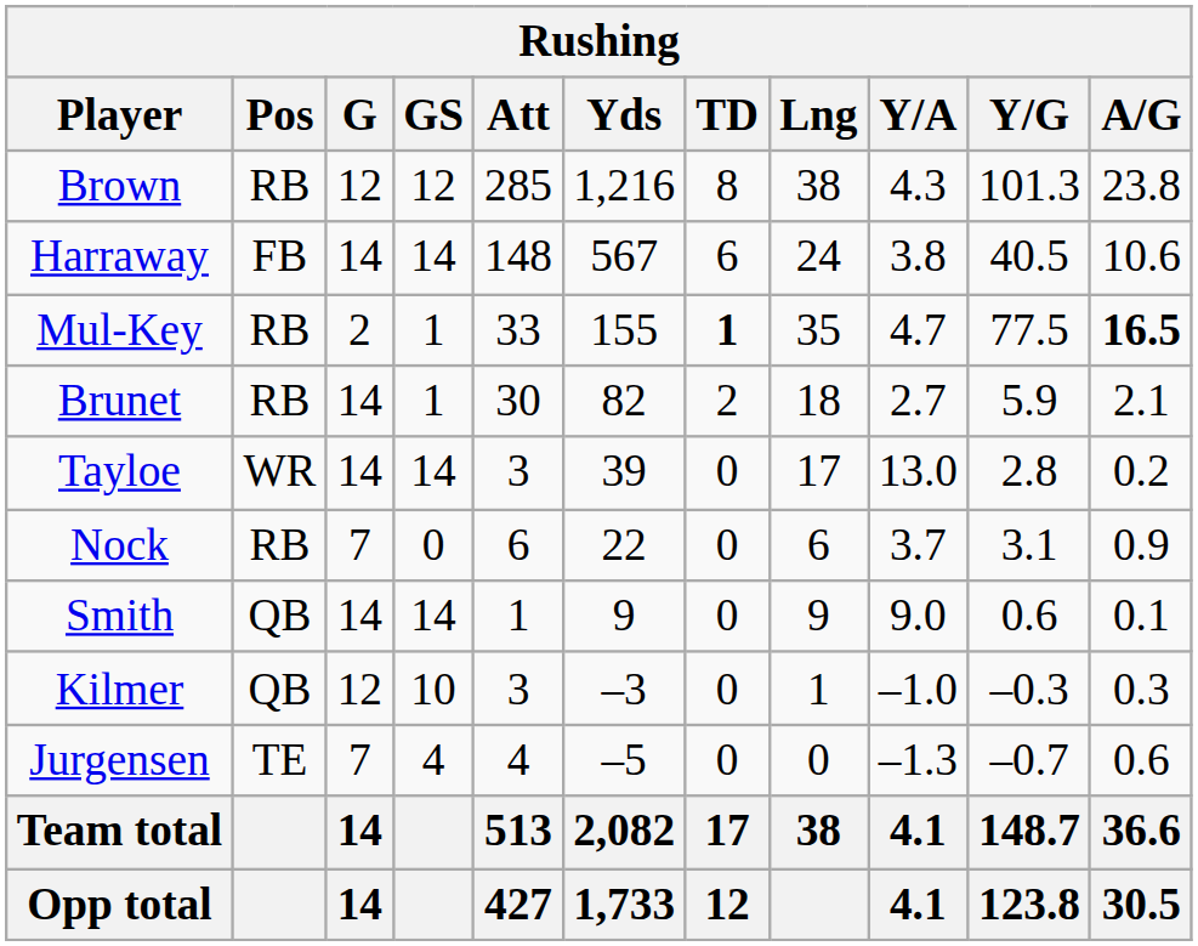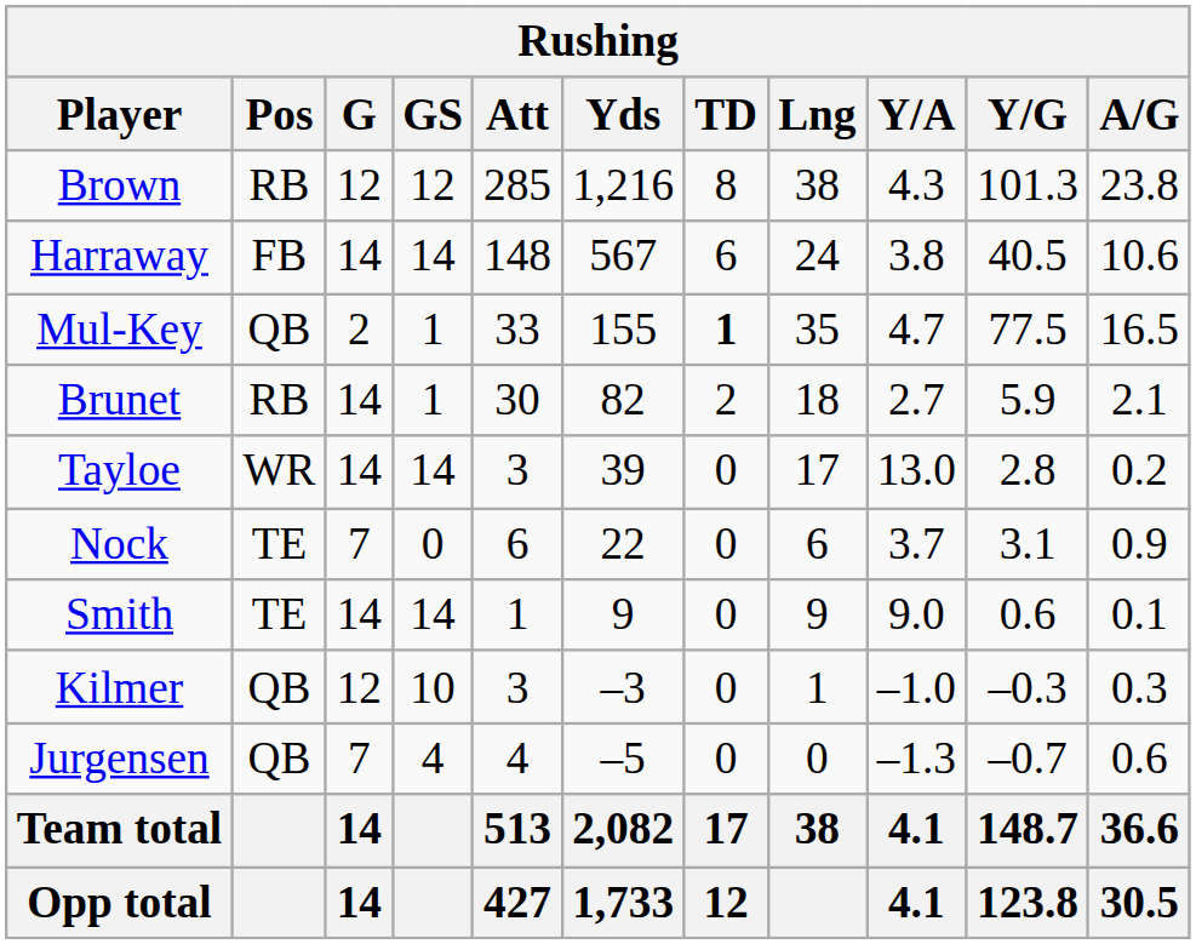 <table class="wikitable" style="text-align:center">
 <tr>
 <th colspan="11">Rushing</th>
 </tr>
 <tr>
 <th>Player</th>
 <th>Pos</th>
 <th>G</th>
 <th>GS</th>
 <th>Att</th>
 <th>Yds</th>
 <th>TD</th>
 <th>Lng</th>
 <th>Y/A</th>
 <th>Y/G</th>
 <th>A/G</th>
 </tr>
 <tr>
 <td><a href='#'>Brown</a></td>
 <td>RB</td>
 <td>12</td>
 <td>12</td>
 <td>285</td>
 <td>1,216</td>
 <td>8</td>
 <td>38</td>
 <td>4.3</td>
 <td>101.3</td>
 <td>23.8</td>
 </tr>
 <tr>
 <td><a href='#'>Harraway</a></td>
 <td>FB</td>
 <td>14</td>
 <td>14</td>
 <td>148</td>
 <td>567</td>
 <td>6</td>
 <td>24</td>
 <td>3.8</td>
 <td>40.5</td>
 <td>10.6</td>
 </tr>
 <tr>
 <td><a href='#'>Mul-Key</a></td>
-<td>RB</td>
+<td>QB</td>
 <td>2</td>
 <td>1</td>
 <td>33</td>
 <td>155</td>
 <td><strong>1</strong></td>
 <td>35</td>
 <td>4.7</td>
 <td>77.5</td>
-<td><strong>16.5</strong></td>
+<td>16.5</td>
 </tr>
 <tr>
 <td><a href='#'>Brunet</a></td>
 <td>RB</td>
 <td>14</td>
 <td>1</td>
 <td>30</td>
 <td>82</td>
 <td>2</td>
 <td>18</td>
 <td>2.7</td>
 <td>5.9</td>
 <td>2.1</td>
 </tr>
 <tr>
 <td><a href='#'>Tayloe</a></td>
 <td>WR</td>
 <td>14</td>
 <td>14</td>
 <td>3</td>
 <td>39</td>
 <td>0</td>
 <td>17</td>
 <td>13.0</td>
 <td>2.8</td>
 <td>0.2</td>
 </tr>
 <tr>
 <td><a href='#'>Nock</a></td>
-<td>RB</td>
+<td>TE</td>
 <td>7</td>
 <td>0</td>
 <td>6</td>
 <td>22</td>
 <td>0</td>
 <td>6</td>
 <td>3.7</td>
 <td>3.1</td>
 <td>0.9</td>
 </tr>
 <tr>
 <td><a href='#'>Smith</a></td>
-<td>QB</td>
+<td>TE</td>
 <td>14</td>
 <td>14</td>
 <td>1</td>
 <td>9</td>
 <td>0</td>
 <td>9</td>
 <td>9.0</td>
 <td>0.6</td>
 <td>0.1</td>
 </tr>
 <tr>
 <td><a href='#'>Kilmer</a></td>
 <td>QB</td>
 <td>12</td>
 <td>10</td>
 <td>3</td>
 <td>–3</td>
 <td>0</td>
 <td>1</td>
 <td>–1.0</td>
 <td>–0.3</td>
 <td>0.3</td>
 </tr>
 <tr>
 <td><a href='#'>Jurgensen</a></td>
-<td>TE</td>
+<td>QB</td>
 <td>7</td>
 <td>4</td>
 <td>4</td>
 <td>–5</td>
 <td>0</td>
 <td>0</td>
 <td>–1.3</td>
 <td>–0.7</td>
 <td>0.6</td>
 </tr>
 <tr>
 <th>Team total</th>
 <th></th>
 <th>14</th>
 <th></th>
 <th>513</th>
 <th>2,082</th>
 <th>17</th>
 <th>38</th>
 <th>4.1</th>
 <th>148.7</th>
 <th>36.6</th>
 </tr>
 <tr>
 <th>Opp total</th>
 <th></th>
 <th>14</th>
 <th></th>
 <th>427</th>
 <th>1,733</th>
 <th>12</th>
 <th></th>
 <th>4.1</th>
 <th>123.8</th>
 <th>30.5</th>
 </tr>
 </table>
